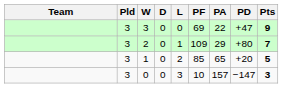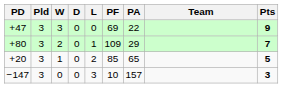 <table class="wikitable" style="text-align:center;">
 <tr>
-<th width=175>Team</th>
+<th style="width:25px;" abbr="Points difference">PD</th>
 <th style="width:20px;" abbr="Played">Pld</th>
 <th style="width:20px;" abbr="Won">W</th>
 <th style="width:20px;" abbr="Drawn">D</th>
 <th style="width:20px;" abbr="Lost">L</th>
 <th style="width:20px;" abbr="Points for">PF</th>
 <th style="width:20px;" abbr="Points against">PA</th>
-<th style="width:25px;" abbr="Points difference">PD</th>
+<th width=175>Team</th>
 <th style="width:20px;" abbr="Points">Pts</th>
 </tr>
 <tr style="background:#cfc;">
-<td align=left></td>
+<td>+47</td>
 <td>3</td>
 <td>3</td>
 <td>0</td>
 <td>0</td>
 <td>69</td>
 <td>22</td>
-<td>+47</td>
+<td align=left></td>
 <td><strong>9</strong></td>
 </tr>
 <tr style="background:#cfc;">
-<td align=left></td>
+<td>+80</td>
 <td>3</td>
 <td>2</td>
 <td>0</td>
 <td>1</td>
 <td>109</td>
 <td>29</td>
-<td>+80</td>
+<td align=left></td>
 <td><strong>7</strong></td>
 </tr>
 <tr>
-<td align=left></td>
+<td>+20</td>
 <td>3</td>
 <td>1</td>
 <td>0</td>
 <td>2</td>
 <td>85</td>
 <td>65</td>
-<td>+20</td>
+<td align=left></td>
 <td><strong>5</strong></td>
 </tr>
 <tr>
-<td align=left> </td>
+<td>−147</td>
 <td>3</td>
 <td>0</td>
 <td>0</td>
 <td>3</td>
 <td>10</td>
 <td>157</td>
-<td>−147</td>
+<td align=left> </td>
 <td><strong>3</strong></td>
 </tr>
 </table>
